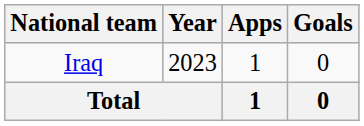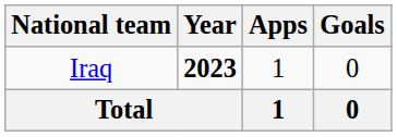 <table class="wikitable" style="text-align:center">
 <tr>
 <th>National team</th>
 <th>Year</th>
 <th>Apps</th>
 <th>Goals</th>
 </tr>
 <tr>
 <td><a href='#'>Iraq</a></td>
-<td>2023</td>
+<td><strong>2023</strong></td>
 <td>1</td>
 <td>0</td>
 </tr>
 <tr>
 <th colspan="2">Total</th>
 <th>1</th>
 <th>0</th>
 </tr>
 </table>
